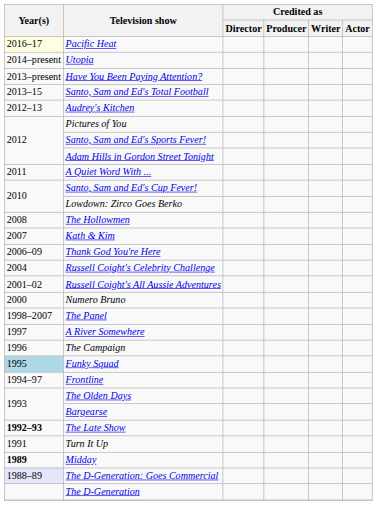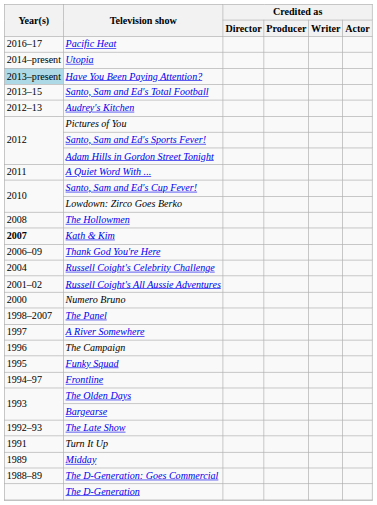 <table class="wikitable">
 <tr>
 <th rowspan="2">Year(s)</th>
 <th rowspan="2">Television show</th>
 <th colspan="4">Credited as</th>
 </tr>
 <tr>
 <th>Director</th>
 <th>Producer</th>
 <th>Writer</th>
 <th>Actor</th>
 </tr>
 <tr>
-<td style="background: lightyellow;">2016–17</td>
+<td>2016–17</td>
 <td><em><a href='#'>Pacific Heat</a></em></td>
 <td></td>
 <td></td>
 <td></td>
 <td></td>
 </tr>
 <tr>
 <td>2014–present</td>
 <td><em><a href='#'>Utopia</a></em></td>
 <td></td>
 <td></td>
 <td></td>
 <td></td>
 </tr>
 <tr>
-<td>2013–present</td>
+<td style="background: lightblue;">2013–present</td>
 <td><em><a href='#'>Have You Been Paying Attention?</a></em></td>
 <td></td>
 <td></td>
 <td></td>
 <td></td>
 </tr>
 <tr>
 <td>2013–15</td>
 <td><em><a href='#'>Santo, Sam and Ed's Total Football</a></em></td>
 <td></td>
 <td></td>
 <td></td>
 <td></td>
 </tr>
 <tr>
 <td>2012–13</td>
 <td><em><a href='#'>Audrey's Kitchen</a></em></td>
 <td></td>
 <td></td>
 <td></td>
 <td></td>
 </tr>
 <tr>
 <td rowspan="3">2012</td>
 <td><em>Pictures of You</em></td>
 <td></td>
 <td></td>
 <td></td>
 <td></td>
 </tr>
 <tr>
 <td><em><a href='#'>Santo, Sam and Ed's Sports Fever!</a></em></td>
 <td></td>
 <td></td>
 <td></td>
 <td></td>
 </tr>
 <tr>
 <td><em><a href='#'>Adam Hills in Gordon Street Tonight</a></em></td>
 <td></td>
 <td></td>
 <td></td>
 <td></td>
 </tr>
 <tr>
 <td>2011</td>
 <td><em><a href='#'>A Quiet Word With ...</a></em></td>
 <td></td>
 <td></td>
 <td></td>
 <td></td>
 </tr>
 <tr>
 <td rowspan="2">2010</td>
 <td><em><a href='#'>Santo, Sam and Ed's Cup Fever!</a></em></td>
 <td></td>
 <td></td>
 <td></td>
 <td></td>
 </tr>
 <tr>
 <td><em>Lowdown: Zirco Goes Berko</em></td>
 <td></td>
 <td></td>
 <td></td>
 <td></td>
 </tr>
 <tr>
 <td>2008</td>
 <td><em><a href='#'>The Hollowmen</a></em></td>
 <td></td>
 <td></td>
 <td></td>
 <td></td>
 </tr>
 <tr>
-<td>2007</td>
+<td><strong>2007</strong></td>
 <td><em><a href='#'>Kath & Kim</a></em></td>
 <td></td>
 <td></td>
 <td></td>
 <td></td>
 </tr>
 <tr>
 <td>2006–09</td>
 <td><em><a href='#'>Thank God You're Here</a></em></td>
 <td></td>
 <td></td>
 <td></td>
 <td></td>
 </tr>
 <tr>
 <td>2004</td>
 <td><em><a href='#'>Russell Coight's Celebrity Challenge</a></em></td>
 <td></td>
 <td></td>
 <td></td>
 <td></td>
 </tr>
 <tr>
 <td>2001–02</td>
 <td><em><a href='#'>Russell Coight's All Aussie Adventures</a></em></td>
 <td></td>
 <td></td>
 <td></td>
 <td></td>
 </tr>
 <tr>
 <td>2000</td>
 <td><em>Numero Bruno</em></td>
 <td></td>
 <td></td>
 <td></td>
 <td></td>
 </tr>
 <tr>
 <td>1998–2007</td>
 <td><em><a href='#'>The Panel</a></em></td>
 <td></td>
 <td></td>
 <td></td>
 <td></td>
 </tr>
 <tr>
 <td>1997</td>
 <td><em><a href='#'>A River Somewhere</a></em></td>
 <td></td>
 <td></td>
 <td></td>
 <td></td>
 </tr>
 <tr>
 <td>1996</td>
 <td><em>The Campaign</em></td>
 <td></td>
 <td></td>
 <td></td>
 <td></td>
 </tr>
 <tr>
-<td style="background: lightblue;">1995</td>
+<td>1995</td>
 <td><em><a href='#'>Funky Squad</a></em></td>
 <td></td>
 <td></td>
 <td></td>
 <td></td>
 </tr>
 <tr>
 <td>1994–97</td>
 <td><em><a href='#'>Frontline</a></em></td>
 <td></td>
 <td></td>
 <td></td>
 <td></td>
 </tr>
 <tr>
 <td rowspan="2">1993</td>
 <td><em><a href='#'>The Olden Days</a></em></td>
 <td></td>
 <td></td>
 <td></td>
 <td></td>
 </tr>
 <tr>
 <td><em><a href='#'>Bargearse</a></em></td>
 <td></td>
 <td></td>
 <td></td>
 <td></td>
 </tr>
 <tr>
-<td><strong>1992–93</strong></td>
+<td>1992–93</td>
 <td><em><a href='#'>The Late Show</a></em></td>
 <td></td>
 <td></td>
 <td></td>
 <td></td>
 </tr>
 <tr>
 <td>1991</td>
 <td><em>Turn It Up</em></td>
 <td></td>
 <td></td>
 <td></td>
 <td></td>
 </tr>
 <tr>
-<td><strong>1989</strong></td>
+<td>1989</td>
 <td><em><a href='#'>Midday</a></em></td>
 <td></td>
 <td></td>
 <td></td>
 <td></td>
 </tr>
 <tr>
-<td style="background: lavender;">1988–89</td>
+<td>1988–89</td>
 <td><em><a href='#'>The D-Generation: Goes Commercial</a></em></td>
 <td></td>
 <td></td>
 <td></td>
 <td></td>
 </tr>
 <tr>
 <td></td>
 <td><em><a href='#'>The D-Generation</a></em></td>
 <td></td>
 <td></td>
 <td></td>
 <td></td>
 </tr>
 <tr>
 </tr>
 </table>
